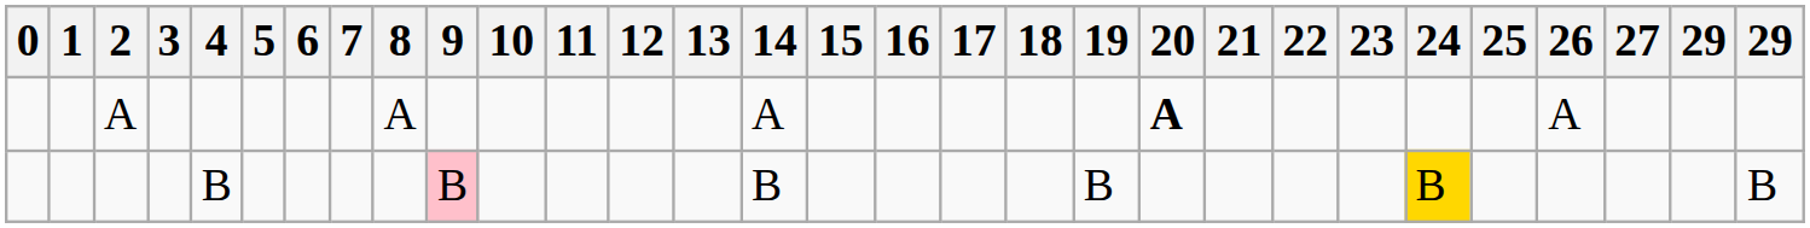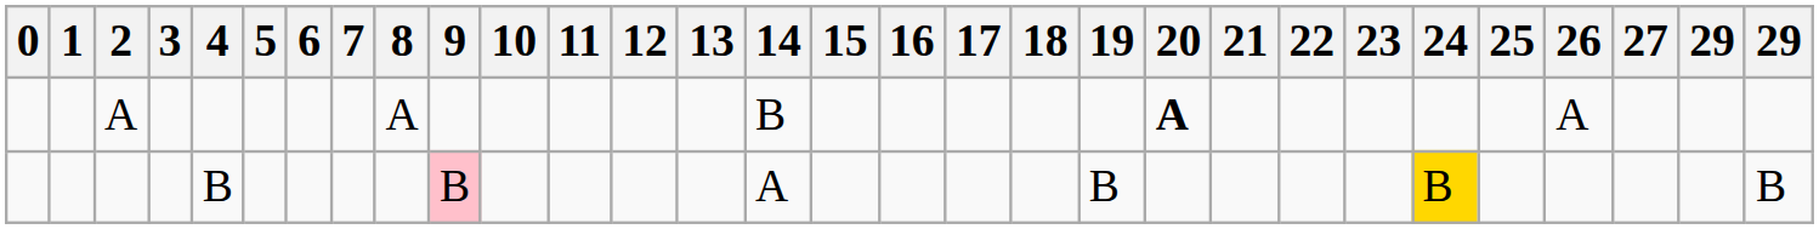 <table class="wikitable">
 <tr>
 <th>0</th>
 <th>1</th>
 <th>2</th>
 <th>3</th>
 <th>4</th>
 <th>5</th>
 <th>6</th>
 <th>7</th>
 <th>8</th>
 <th>9</th>
 <th>10</th>
 <th>11</th>
 <th>12</th>
 <th>13</th>
 <th>14</th>
 <th>15</th>
 <th>16</th>
 <th>17</th>
 <th>18</th>
 <th>19</th>
 <th>20</th>
 <th>21</th>
 <th>22</th>
 <th>23</th>
 <th>24</th>
 <th>25</th>
 <th>26</th>
 <th>27</th>
 <th>29</th>
 <th>29</th>
 </tr>
 <tr>
 <td></td>
 <td></td>
 <td>A</td>
 <td></td>
 <td></td>
 <td></td>
 <td></td>
 <td></td>
 <td>A</td>
 <td></td>
 <td></td>
 <td></td>
 <td></td>
 <td></td>
-<td>A</td>
+<td>B</td>
 <td></td>
 <td></td>
 <td></td>
 <td></td>
 <td></td>
 <td><strong>A</strong></td>
 <td></td>
 <td></td>
 <td></td>
 <td></td>
 <td></td>
 <td>A</td>
 <td></td>
 <td></td>
 <td></td>
 </tr>
 <tr>
 <td></td>
 <td></td>
 <td></td>
 <td></td>
 <td>B</td>
 <td></td>
 <td></td>
 <td></td>
 <td></td>
 <td style="background: pink;">B</td>
 <td></td>
 <td></td>
 <td></td>
 <td></td>
-<td>B</td>
+<td>A</td>
 <td></td>
 <td></td>
 <td></td>
 <td></td>
 <td>B</td>
 <td></td>
 <td></td>
 <td></td>
 <td></td>
 <td style="background: gold;">B</td>
 <td></td>
 <td></td>
 <td></td>
 <td></td>
 <td>B</td>
 </tr>
 </table>
